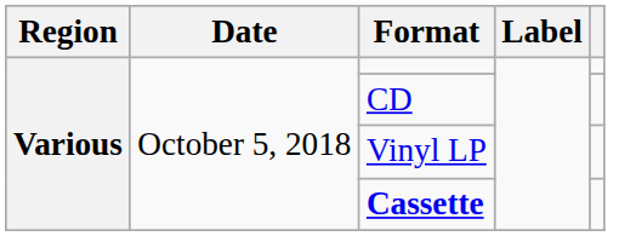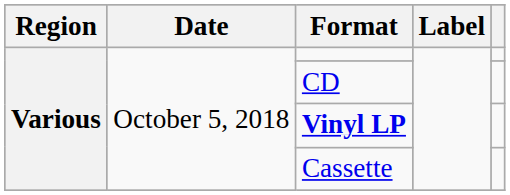 <table class="wikitable plainrowheaders">
 <tr>
 <th scope="col">Region</th>
 <th scope="col">Date</th>
 <th scope="col">Format</th>
 <th scope="col">Label</th>
 <th scope="col"></th>
 </tr>
 <tr>
 <th scope="row" rowspan="4">Various</th>
 <td rowspan="4">October 5, 2018</td>
 <td></td>
 <td rowspan="4"></td>
 <td align="center"></td>
 </tr>
 <tr>
 <td><a href='#'>CD</a></td>
 <td align="center"></td>
 </tr>
 <tr>
-<td><a href='#'>Vinyl LP</a></td>
+<td><strong><a href='#'>Vinyl LP</a></strong></td>
 <td align="center"></td>
 </tr>
 <tr>
-<td><strong><a href='#'>Cassette</a></strong></td>
+<td><a href='#'>Cassette</a></td>
 <td align="center"></td>
 </tr>
 </table>
